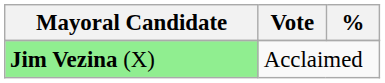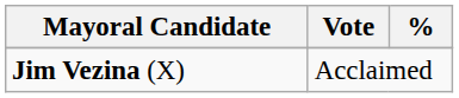 <table class="wikitable">
 <tr>
 <th bgcolor="#DDDDFF" width="170px">Mayoral Candidate</th>
 <th bgcolor="#DDDDFF" width="40px">Vote</th>
 <th bgcolor="#DDDDFF" width="30px">%</th>
 </tr>
 <tr {| class="wikitable">
 </tr>
 <tr>
-<td style="background: lightgreen;"><strong>Jim Vezina</strong> (X)</td>
+<td><strong>Jim Vezina</strong> (X)</td>
 <td colspan="2">Acclaimed</td>
 </tr>
 </table>
